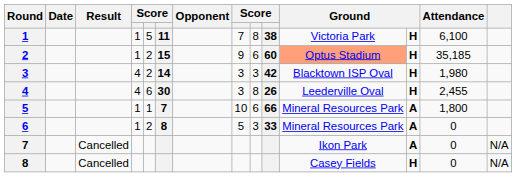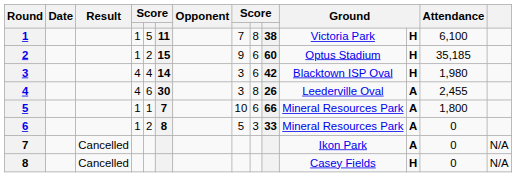 <table class="wikitable plainrowheaders sortable" style="font-size:90%; text-align:center;">
 <tr>
 <th scope="col" rowspan="2">Round</th>
 <th scope="col" rowspan="2">Date</th>
 <th scope="col" rowspan="2">Result</th>
 <th scope="col" colspan="3">Score</th>
 <th scope="col" rowspan="2">Opponent</th>
 <th scope="col" colspan="3">Score</th>
 <th scope="col" rowspan="2" colspan="2">Ground</th>
 <th scope="col" rowspan="2">Attendance</th>
 <th scope="col" rowspan="2"></th>
 </tr>
 <tr>
 <th scope="col"></th>
 <th scope="col"></th>
 <th scope="col"></th>
 <th scope="col"></th>
 <th scope="col"></th>
 <th scope="col"></th>
 </tr>
 <tr>
 <th scope="row" style="text-align:center;"><a href='#'>1</a></th>
 <td></td>
 <td></td>
 <td>1</td>
 <td>5</td>
 <th>11</th>
 <td></td>
 <td>7</td>
 <td>8</td>
 <th>38</th>
 <td><a href='#'>Victoria Park</a></td>
 <td><strong>H</strong></td>
 <td>6,100</td>
 <td></td>
 </tr>
 <tr>
 <th scope="row" style="text-align:center;"><a href='#'>2</a></th>
 <td></td>
 <td></td>
 <td>1</td>
 <td>2</td>
 <th>15</th>
 <td></td>
 <td>9</td>
 <td>6</td>
 <th>60</th>
-<td style="background: lightsalmon;"><a href='#'>Optus Stadium</a></td>
+<td><a href='#'>Optus Stadium</a></td>
 <td><strong>H</strong></td>
 <td>35,185</td>
 <td></td>
 </tr>
 <tr>
 <th scope="row" style="text-align:center;"><a href='#'>3</a></th>
 <td></td>
 <td></td>
 <td>4</td>
-<td>2</td>
+<td>4</td>
 <th>14</th>
 <td></td>
 <td>3</td>
-<td>3</td>
+<td>6</td>
 <th>42</th>
 <td><a href='#'>Blacktown ISP Oval</a></td>
 <td><strong>H</strong></td>
 <td>1,980</td>
 <td></td>
 </tr>
 <tr>
 <th scope="row" style="text-align:center;"><a href='#'>4</a></th>
 <td></td>
 <td></td>
 <td>4</td>
 <td>6</td>
 <th>30</th>
 <td></td>
 <td>3</td>
 <td>8</td>
 <th>26</th>
 <td><a href='#'>Leederville Oval</a></td>
-<td><strong>H</strong></td>
+<td><strong>A</strong></td>
 <td>2,455</td>
 <td></td>
 </tr>
 <tr>
 <th scope="row" style="text-align:center;"><a href='#'>5</a></th>
 <td></td>
 <td></td>
 <td>1</td>
 <td>1</td>
 <th>7</th>
 <td></td>
 <td>10</td>
 <td>6</td>
 <th>66</th>
 <td><a href='#'>Mineral Resources Park</a></td>
 <td><strong>A</strong></td>
 <td>1,800</td>
 <td></td>
 </tr>
 <tr>
 <th scope="row" style="text-align:center;"><a href='#'>6</a></th>
 <td></td>
 <td></td>
 <td>1</td>
 <td>2</td>
 <th>8</th>
 <td></td>
 <td>5</td>
 <td>3</td>
 <th>33</th>
 <td><a href='#'>Mineral Resources Park</a></td>
 <td><strong>A</strong></td>
 <td>0</td>
 <td></td>
 </tr>
 <tr>
 <th scope="row" style="text-align:center;">7</th>
 <td></td>
 <td>Cancelled</td>
 <td></td>
 <td></td>
 <th></th>
 <td></td>
 <td></td>
 <td></td>
 <th></th>
 <td><a href='#'>Ikon Park</a></td>
 <td><strong>A</strong></td>
 <td>0</td>
 <td>N/A</td>
 </tr>
 <tr>
 <th scope="row" style="text-align:center;">8</th>
 <td></td>
 <td>Cancelled</td>
 <td></td>
 <td></td>
 <th></th>
 <td></td>
 <td></td>
 <td></td>
 <th></th>
 <td><a href='#'>Casey Fields</a></td>
 <td><strong>H</strong></td>
 <td>0</td>
 <td>N/A</td>
 </tr>
 </table>
